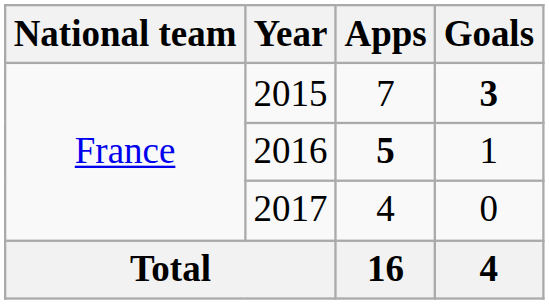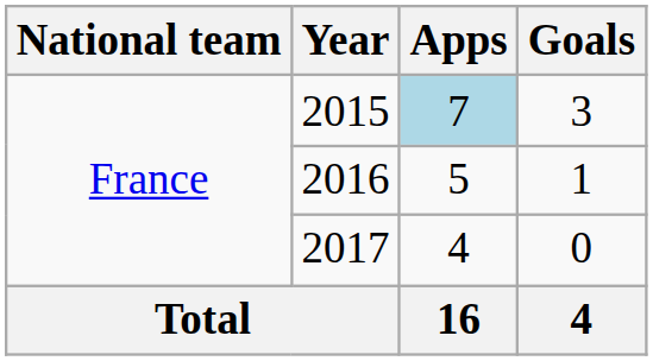 <table class="wikitable" style="text-align:center">
 <tr>
 <th>National team</th>
 <th>Year</th>
 <th>Apps</th>
 <th>Goals</th>
 </tr>
 <tr>
 <td rowspan=3><a href='#'>France</a></td>
 <td>2015</td>
-<td>7</td>
-<td><strong>3</strong></td>
+<td style="background: lightblue;">7</td>
+<td>3</td>
 </tr>
 <tr>
 <td>2016</td>
-<td><strong>5</strong></td>
+<td>5</td>
 <td>1</td>
 </tr>
 <tr>
 <td>2017</td>
 <td>4</td>
 <td>0</td>
 </tr>
 <tr>
 <th colspan=2>Total</th>
 <th>16</th>
 <th>4</th>
 </tr>
 </table>
